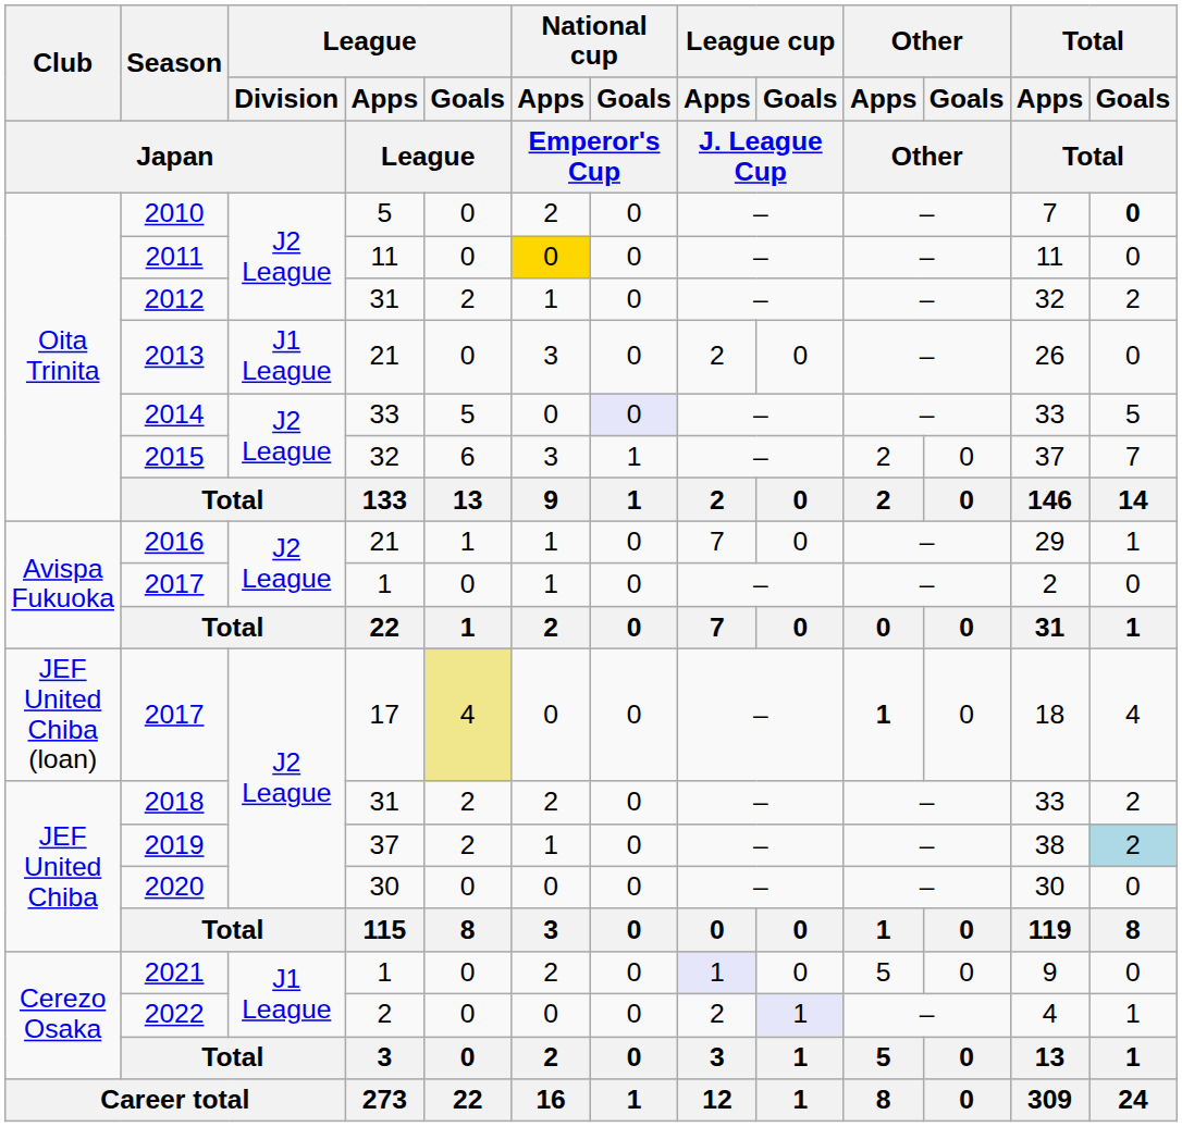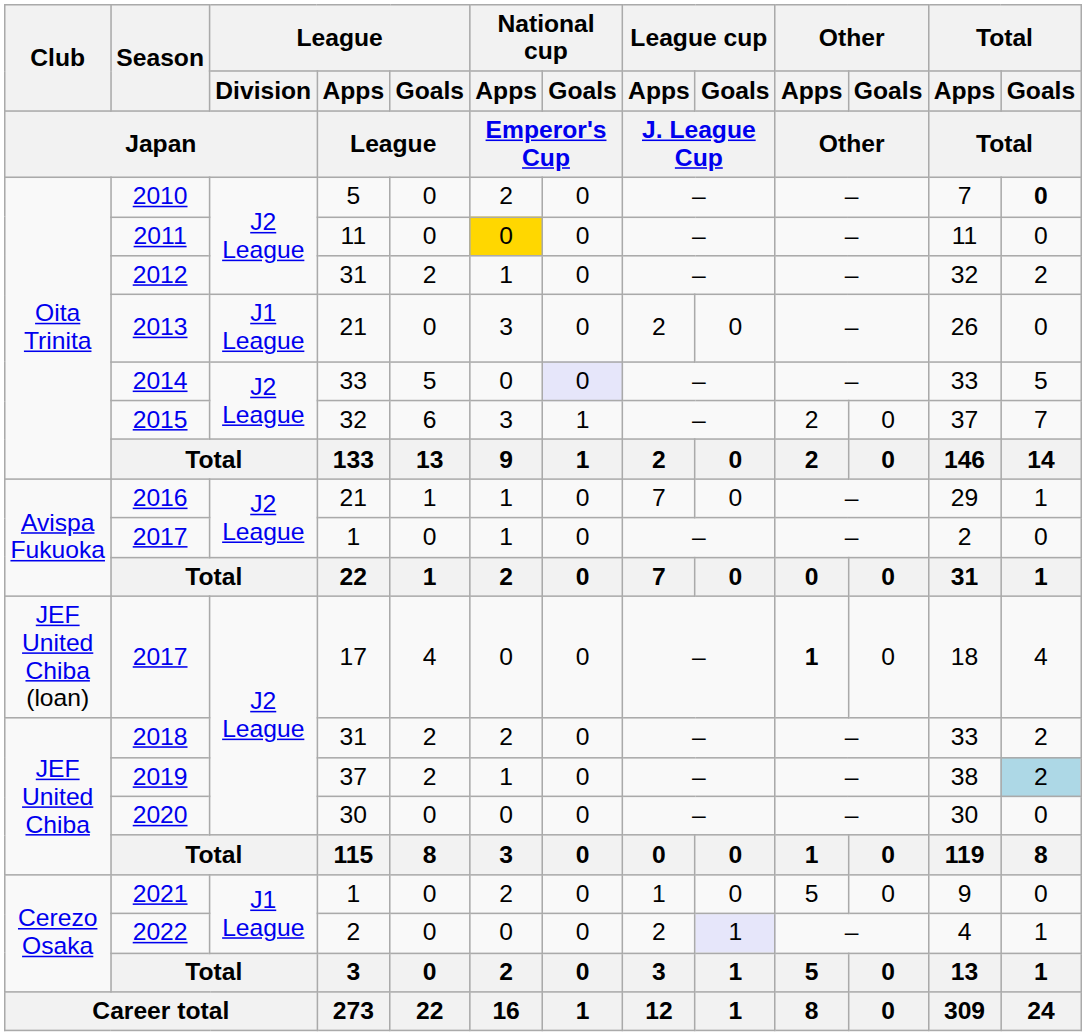 <table class="wikitable" style="text-align:center">
 <tr>
 <th rowspan=2>Club</th>
 <th rowspan=2>Season</th>
 <th colspan=3>League</th>
 <th colspan=2>National cup</th>
 <th colspan=2>League cup</th>
 <th colspan=2>Other</th>
 <th colspan=2>Total</th>
 </tr>
 <tr>
 <th>Division</th>
 <th>Apps</th>
 <th>Goals</th>
 <th>Apps</th>
 <th>Goals</th>
 <th>Apps</th>
 <th>Goals</th>
 <th>Apps</th>
 <th>Goals</th>
 <th>Apps</th>
 <th>Goals</th>
 </tr>
 <tr>
 <th colspan=3>Japan</th>
 <th colspan=2>League</th>
 <th colspan=2><a href='#'>Emperor's Cup</a></th>
 <th colspan=2><a href='#'>J. League Cup</a></th>
 <th colspan=2>Other</th>
 <th colspan=2>Total</th>
 </tr>
 <tr>
 <td rowspan="7"><a href='#'>Oita Trinita</a></td>
 <td><a href='#'>2010</a></td>
 <td rowspan="3"><a href='#'>J2 League</a></td>
 <td>5</td>
 <td>0</td>
 <td>2</td>
 <td>0</td>
 <td colspan="2">–</td>
 <td colspan="2">–</td>
 <td>7</td>
 <td><strong>0</strong></td>
 </tr>
 <tr>
 <td><a href='#'>2011</a></td>
 <td>11</td>
 <td>0</td>
 <td style="background: gold;">0</td>
 <td>0</td>
 <td colspan="2">–</td>
 <td colspan="2">–</td>
 <td>11</td>
 <td>0</td>
 </tr>
 <tr>
 <td><a href='#'>2012</a></td>
 <td>31</td>
 <td>2</td>
 <td>1</td>
 <td>0</td>
 <td colspan="2">–</td>
 <td colspan="2">–</td>
 <td>32</td>
 <td>2</td>
 </tr>
 <tr>
 <td><a href='#'>2013</a></td>
 <td><a href='#'>J1 League</a></td>
 <td>21</td>
 <td>0</td>
 <td>3</td>
 <td>0</td>
 <td>2</td>
 <td>0</td>
 <td colspan="2">–</td>
 <td>26</td>
 <td>0</td>
 </tr>
 <tr>
 <td><a href='#'>2014</a></td>
 <td rowspan="2"><a href='#'>J2 League</a></td>
 <td>33</td>
 <td>5</td>
 <td>0</td>
 <td style="background: lavender;">0</td>
 <td colspan="2">–</td>
 <td colspan="2">–</td>
 <td>33</td>
 <td>5</td>
 </tr>
 <tr>
 <td><a href='#'>2015</a></td>
 <td>32</td>
 <td>6</td>
 <td>3</td>
 <td>1</td>
 <td colspan="2">–</td>
 <td>2</td>
 <td>0</td>
 <td>37</td>
 <td>7</td>
 </tr>
 <tr>
 <th colspan="2">Total</th>
 <th>133</th>
 <th>13</th>
 <th>9</th>
 <th>1</th>
 <th>2</th>
 <th>0</th>
 <th>2</th>
 <th>0</th>
 <th>146</th>
 <th>14</th>
 </tr>
 <tr>
 <td rowspan="3"><a href='#'>Avispa Fukuoka</a></td>
 <td><a href='#'>2016</a></td>
 <td rowspan="2"><a href='#'>J2 League</a></td>
 <td>21</td>
 <td>1</td>
 <td>1</td>
 <td>0</td>
 <td>7</td>
 <td>0</td>
 <td colspan="2">–</td>
 <td>29</td>
 <td>1</td>
 </tr>
 <tr>
 <td><a href='#'>2017</a></td>
 <td>1</td>
 <td>0</td>
 <td>1</td>
 <td>0</td>
 <td colspan="2">–</td>
 <td colspan="2">–</td>
 <td>2</td>
 <td>0</td>
 </tr>
 <tr>
 <th colspan="2">Total</th>
 <th>22</th>
 <th>1</th>
 <th>2</th>
 <th>0</th>
 <th>7</th>
 <th>0</th>
 <th>0</th>
 <th>0</th>
 <th>31</th>
 <th>1</th>
 </tr>
 <tr>
 <td><a href='#'>JEF United Chiba</a> (loan)</td>
 <td><a href='#'>2017</a></td>
 <td rowspan="4"><a href='#'>J2 League</a></td>
 <td>17</td>
-<td style="background: khaki;">4</td>
+<td>4</td>
 <td>0</td>
 <td>0</td>
 <td colspan="2">–</td>
 <td><strong>1</strong></td>
 <td>0</td>
 <td>18</td>
 <td>4</td>
 </tr>
 <tr>
 <td rowspan="4"><a href='#'>JEF United Chiba</a></td>
 <td><a href='#'>2018</a></td>
 <td>31</td>
 <td>2</td>
 <td>2</td>
 <td>0</td>
 <td colspan="2">–</td>
 <td colspan="2">–</td>
 <td>33</td>
 <td>2</td>
 </tr>
 <tr>
 <td><a href='#'>2019</a></td>
 <td>37</td>
 <td>2</td>
 <td>1</td>
 <td>0</td>
 <td colspan="2">–</td>
 <td colspan="2">–</td>
 <td>38</td>
 <td style="background: lightblue;">2</td>
 </tr>
 <tr>
 <td><a href='#'>2020</a></td>
 <td>30</td>
 <td>0</td>
 <td>0</td>
 <td>0</td>
 <td colspan="2">–</td>
 <td colspan="2">–</td>
 <td>30</td>
 <td>0</td>
 </tr>
 <tr>
 <th colspan="2">Total</th>
 <th>115</th>
 <th>8</th>
 <th>3</th>
 <th>0</th>
 <th>0</th>
 <th>0</th>
 <th>1</th>
 <th>0</th>
 <th>119</th>
 <th>8</th>
 </tr>
 <tr>
 <td rowspan="3"><a href='#'>Cerezo Osaka</a></td>
 <td><a href='#'>2021</a></td>
 <td rowspan="2"><a href='#'>J1 League</a></td>
 <td>1</td>
 <td>0</td>
 <td>2</td>
 <td>0</td>
-<td style="background: lavender;">1</td>
+<td>1</td>
 <td>0</td>
 <td>5</td>
 <td>0</td>
 <td>9</td>
 <td>0</td>
 </tr>
 <tr>
 <td><a href='#'>2022</a></td>
 <td>2</td>
 <td>0</td>
 <td>0</td>
 <td>0</td>
 <td>2</td>
 <td style="background: lavender;">1</td>
 <td colspan="2">–</td>
 <td>4</td>
 <td>1</td>
 </tr>
 <tr>
 <th colspan="2">Total</th>
 <th>3</th>
 <th>0</th>
 <th>2</th>
 <th>0</th>
 <th>3</th>
 <th>1</th>
 <th>5</th>
 <th>0</th>
 <th>13</th>
 <th>1</th>
 </tr>
 <tr>
 <th colspan=3>Career total</th>
 <th>273</th>
 <th>22</th>
 <th>16</th>
 <th>1</th>
 <th>12</th>
 <th>1</th>
 <th>8</th>
 <th>0</th>
 <th>309</th>
 <th>24</th>
 </tr>
 </table>
